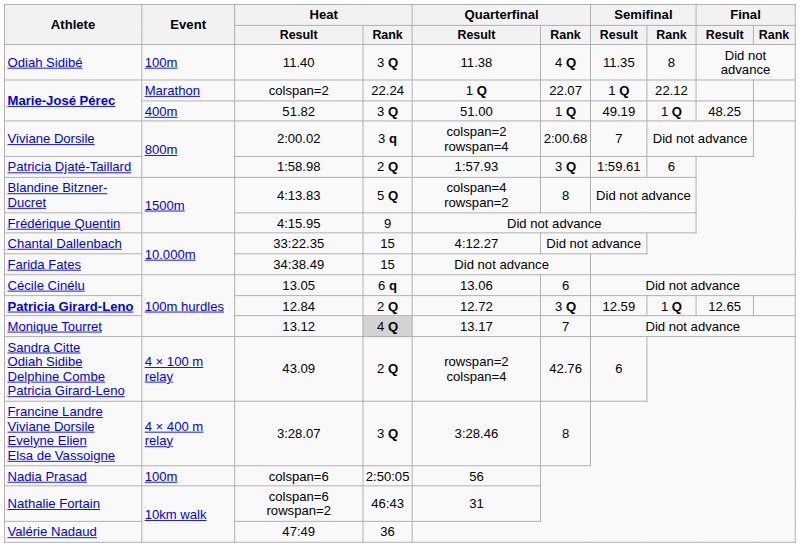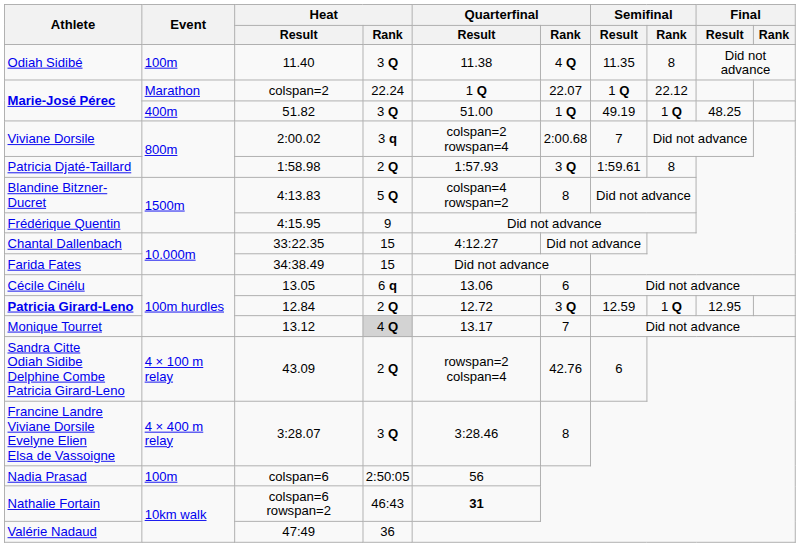 <table class=wikitable style="font-size:90%">
 <tr>
 <th rowspan="2">Athlete</th>
 <th rowspan="2">Event</th>
 <th colspan="2">Heat</th>
 <th colspan="2">Quarterfinal</th>
 <th colspan="2">Semifinal</th>
 <th colspan="2">Final</th>
 </tr>
 <tr style="font-size:95%">
 <th>Result</th>
 <th>Rank</th>
 <th>Result</th>
 <th>Rank</th>
 <th>Result</th>
 <th>Rank</th>
 <th>Result</th>
 <th>Rank</th>
 </tr>
 <tr align=center>
 <td align=left><a href='#'>Odiah Sidibé</a></td>
 <td align=left><a href='#'>100m</a></td>
 <td>11.40</td>
 <td>3 <strong>Q</strong></td>
 <td>11.38</td>
 <td>4 <strong>Q</strong></td>
 <td>11.35</td>
 <td>8</td>
 <td colspan=2>Did not advance</td>
 </tr>
 <tr align=center>
 <td align=left rowspan=2><strong><a href='#'>Marie-José Pérec</a></strong></td>
 <td align=left><a href='#'>Marathon</a></td>
 <td>colspan=2 </td>
 <td>22.24</td>
 <td>1 <strong>Q</strong></td>
 <td>22.07</td>
 <td>1 <strong>Q</strong></td>
 <td>22.12</td>
 <td></td>
 </tr>
 <tr align=center>
 <td align=left><a href='#'>400m</a></td>
 <td>51.82</td>
 <td>3 <strong>Q</strong></td>
 <td>51.00</td>
 <td>1 <strong>Q</strong></td>
 <td>49.19</td>
 <td>1 <strong>Q</strong></td>
 <td>48.25</td>
 <td></td>
 </tr>
 <tr align=center>
 <td align=left><a href='#'>Viviane Dorsile</a></td>
 <td align=left rowspan=2><a href='#'>800m</a></td>
 <td>2:00.02</td>
 <td>3 <strong>q</strong></td>
 <td>colspan=2 rowspan=4 </td>
 <td>2:00.68</td>
 <td>7</td>
 <td colspan=2>Did not advance</td>
 </tr>
 <tr align=center>
 <td align=left><a href='#'>Patricia Djaté-Taillard</a></td>
 <td>1:58.98</td>
 <td>2 <strong>Q</strong></td>
 <td>1:57.93</td>
 <td>3 <strong>Q</strong></td>
 <td>1:59.61</td>
-<td>6</td>
+<td>8</td>
 </tr>
 <tr align=center>
 <td align=left><a href='#'>Blandine Bitzner-Ducret</a></td>
 <td align=left rowspan=2><a href='#'>1500m</a></td>
 <td>4:13.83</td>
 <td>5  <strong>Q</strong></td>
 <td>colspan=4 rowspan=2 </td>
 <td>8</td>
 <td colspan=2>Did not advance</td>
 </tr>
 <tr align=center>
 <td align=left><a href='#'>Frédérique Quentin</a></td>
 <td>4:15.95</td>
 <td>9</td>
 <td colspan=4>Did not advance</td>
 </tr>
 <tr align=center>
 <td align=left><a href='#'>Chantal Dallenbach</a></td>
 <td align=left rowspan=2><a href='#'>10.000m</a></td>
 <td>33:22.35</td>
 <td>15</td>
 <td>4:12.27</td>
 <td colspan=2>Did not advance</td>
 </tr>
 <tr align=center>
 <td align=left><a href='#'>Farida Fates</a></td>
 <td>34:38.49</td>
 <td>15</td>
 <td colspan=2>Did not advance</td>
 </tr>
 <tr align=center>
 <td align=left><a href='#'>Cécile Cinélu</a></td>
 <td align=left rowspan=3><a href='#'>100m hurdles</a></td>
 <td>13.05</td>
 <td>6 <strong>q</strong></td>
 <td>13.06</td>
 <td>6</td>
 <td colspan=4>Did not advance</td>
 </tr>
 <tr align=center>
 <td align=left><strong><a href='#'>Patricia Girard-Leno</a></strong></td>
 <td>12.84</td>
 <td>2 <strong>Q</strong></td>
 <td>12.72</td>
 <td>3 <strong>Q</strong></td>
 <td>12.59</td>
 <td>1 <strong>Q</strong></td>
-<td>12.65</td>
+<td>12.95</td>
 <td></td>
 </tr>
 <tr align=center>
 <td align=left><a href='#'>Monique Tourret</a></td>
 <td>13.12</td>
 <td style="background: lightgrey;">4 <strong>Q</strong></td>
 <td>13.17</td>
 <td>7</td>
 <td colspan=4>Did not advance</td>
 </tr>
 <tr align=center>
 <td align=left><a href='#'>Sandra Citte</a><br><a href='#'>Odiah Sidibe</a><br><a href='#'>Delphine Combe</a><br><a href='#'>Patricia Girard-Leno</a></td>
 <td align=left><a href='#'>4 × 100 m relay</a></td>
 <td>43.09</td>
 <td>2 <strong>Q</strong></td>
 <td>rowspan=2 colspan=4 </td>
 <td>42.76</td>
 <td>6</td>
 </tr>
 <tr align=center>
 <td align=left><a href='#'>Francine Landre</a><br><a href='#'>Viviane Dorsile</a><br><a href='#'>Evelyne Elien</a><br><a href='#'>Elsa de Vassoigne</a></td>
 <td align=left><a href='#'>4 × 400 m relay</a></td>
 <td>3:28.07</td>
 <td>3 <strong>Q</strong></td>
 <td>3:28.46</td>
 <td>8</td>
 </tr>
 <tr align=center>
 <td align=left><a href='#'>Nadia Prasad</a></td>
 <td align=left><a href='#'>100m</a></td>
 <td>colspan=6 </td>
 <td>2:50:05</td>
 <td>56</td>
 </tr>
 <tr align=center>
 <td align=left><a href='#'>Nathalie Fortain</a></td>
 <td align=left rowspan=2><a href='#'>10km walk</a></td>
 <td>colspan=6 rowspan=2 </td>
 <td>46:43</td>
-<td>31</td>
+<td><strong>31</strong></td>
 </tr>
 <tr align=center>
 <td align=left><a href='#'>Valérie Nadaud</a></td>
 <td>47:49</td>
 <td>36</td>
 </tr>
 </table>
